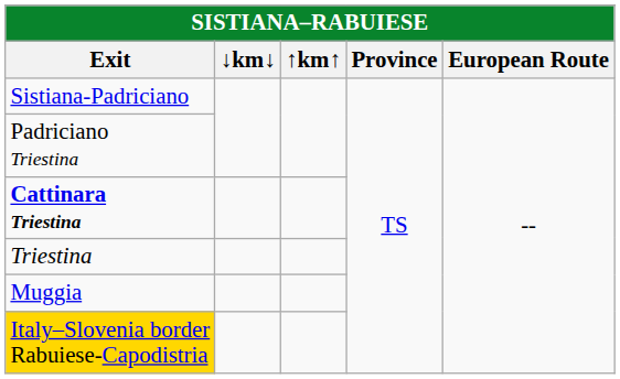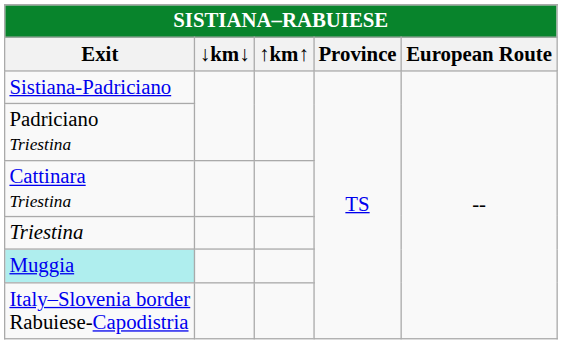 <table class="wikitable">
 <tr>
 </tr>
 <tr align="center" bgcolor="08842C" style="color: white;font-size:100%;">
 <td colspan="6"> <strong>SISTIANA–RABUIESE</strong></td>
 </tr>
 <tr>
 <th>Exit</th>
 <th><strong>↓km↓</strong></th>
 <th><strong>↑km↑</strong></th>
 <th>Province</th>
 <th>European Route</th>
 </tr>
 <tr>
 <td>  <a href='#'>Sistiana-Padriciano</a></td>
 <td rowspan="2" align="right"></td>
 <td rowspan=2 align="right"></td>
 <td rowspan=7 align="center"><a href='#'>TS</a></td>
 <td rowspan=7 align="center">--</td>
 </tr>
 <tr>
 <td> Padriciano<br> <small><em>Triestina</em></small><br></td>
 </tr>
 <tr>
-<td><strong> <a href='#'>Cattinara</a><br> <small><em>Triestina</em></small><br></strong></td>
+<td> <a href='#'>Cattinara</a><br> <small><em>Triestina</em></small><br></td>
 <td align="right"></td>
 <td align="right"></td>
 </tr>
 <tr>
 <td>   <em>Triestina</em></td>
 <td align="right"></td>
 <td align="right"></td>
 </tr>
 <tr>
-<td> <a href='#'>Muggia</a></td>
+<td style="background: paleturquoise;"> <a href='#'>Muggia</a></td>
 <td align="right"></td>
 <td align="right"></td>
 </tr>
 <tr>
-<td style="background: gold;">  <a href='#'>Italy–Slovenia border</a><br>   Rabuiese-<a href='#'>Capodistria</a></td>
+<td>  <a href='#'>Italy–Slovenia border</a><br>   Rabuiese-<a href='#'>Capodistria</a></td>
 <td align="right"></td>
 <td align="right"></td>
 </tr>
 </table>
